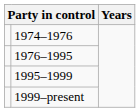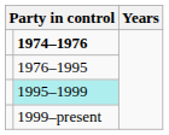 <table class="wikitable">
 <tr>
 <th colspan="2">Party in control</th>
 <th>Years</th>
 </tr>
 <tr>
 <td></td>
-<td>1974–1976</td>
+<td><strong>1974–1976</strong></td>
 </tr>
 <tr>
 <td></td>
 <td>1976–1995</td>
 </tr>
 <tr>
 <td></td>
-<td>1995–1999</td>
+<td style="background: paleturquoise;">1995–1999</td>
 </tr>
 <tr>
 <td></td>
 <td>1999–present</td>
 </tr>
 </table>
